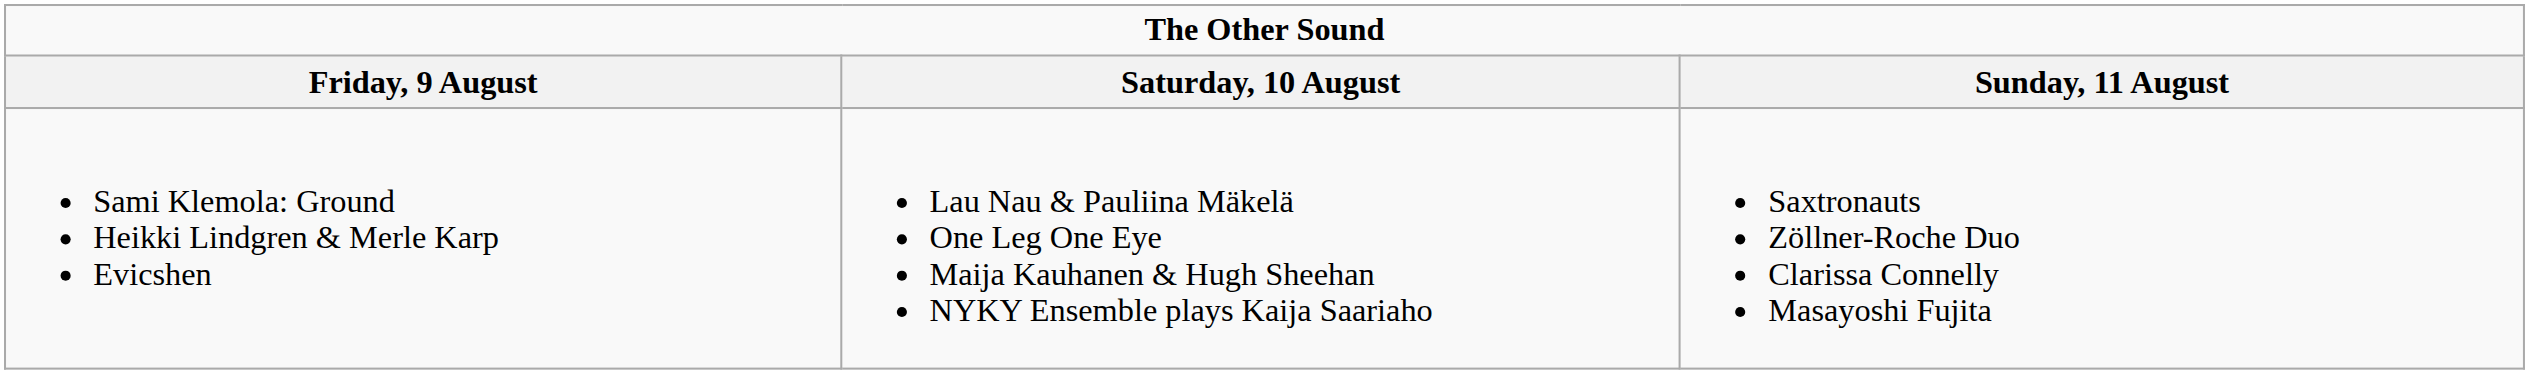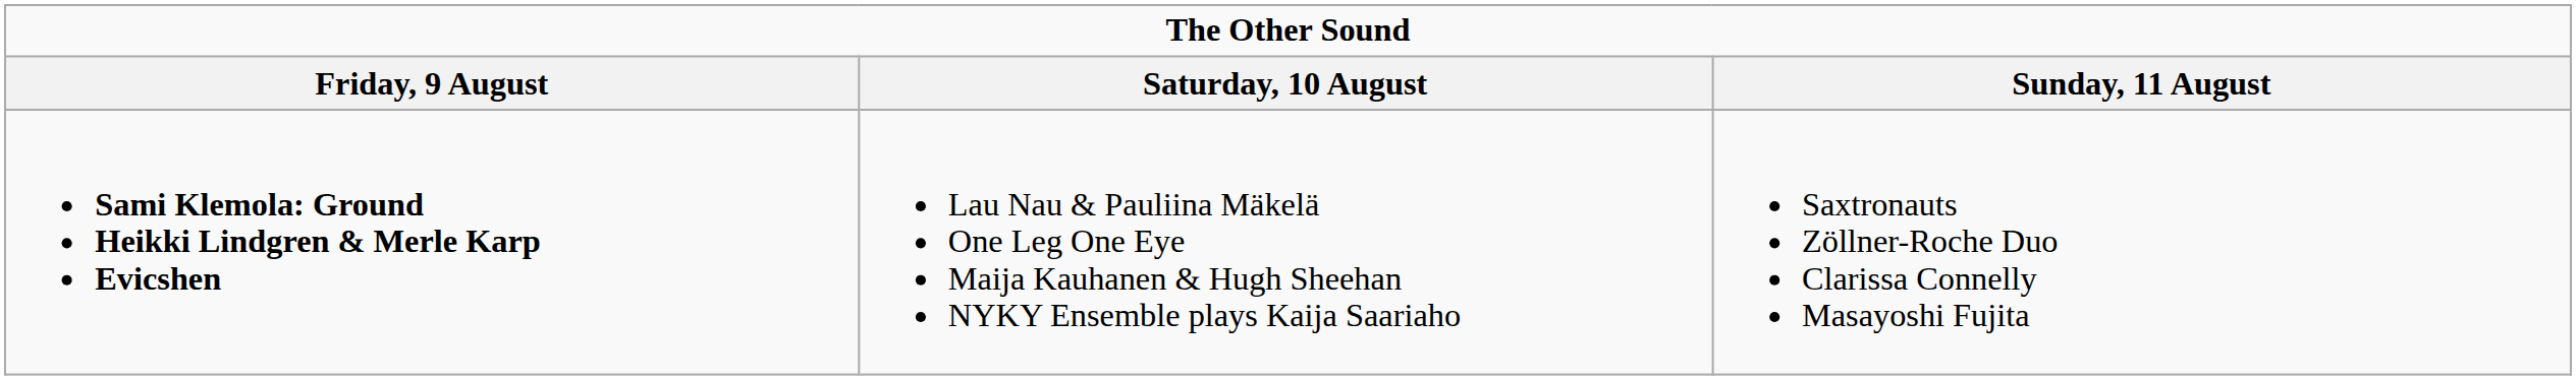 <table class="wikitable">
 <tr>
 <td colspan="4" align="center"><strong>The Other Sound</strong></td>
 </tr>
 <tr>
 <th width="500">Friday, 9 August</th>
 <th width="500">Saturday, 10 August</th>
 <th width="500">Sunday, 11 August</th>
 </tr>
 <tr valign="top">
-<td><br><ul><li>Sami Klemola: Ground</li><li>Heikki Lindgren & Merle Karp</li><li>Evicshen</li></ul></td>
+<td><strong><br><ul><li>Sami Klemola: Ground</li><li>Heikki Lindgren & Merle Karp</li><li>Evicshen</li></ul></strong></td>
 <td><br><ul><li>Lau Nau & Pauliina Mäkelä</li><li>One Leg One Eye</li><li>Maija Kauhanen & Hugh Sheehan</li><li>NYKY Ensemble plays Kaija Saariaho</li></ul></td>
 <td><br><ul><li>Saxtronauts</li><li>Zöllner-Roche Duo</li><li>Clarissa Connelly</li><li>Masayoshi Fujita</li></ul></td>
 </tr>
 </table>
